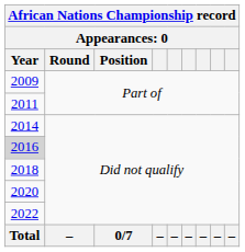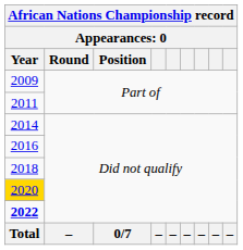 <table class="wikitable" style="text-align: center;">
 <tr>
 <th colspan=9><a href='#'>African Nations Championship</a> record</th>
 </tr>
 <tr>
 <th colspan=9>Appearances: 0</th>
 </tr>
 <tr>
 <th>Year</th>
 <th>Round</th>
 <th>Position</th>
 <th></th>
 <th></th>
 <th></th>
 <th></th>
 <th></th>
 <th></th>
 </tr>
 <tr>
 <td> <a href='#'>2009</a></td>
 <td colspan=8 rowspan=2><em>Part of </em></td>
 </tr>
 <tr>
 <td> <a href='#'>2011</a></td>
 </tr>
 <tr>
 <td> <a href='#'>2014</a></td>
 <td colspan=8 rowspan=5><em>Did not qualify</em></td>
 </tr>
 <tr>
-<td style="background: lightgrey;"> <a href='#'>2016</a></td>
+<td> <a href='#'>2016</a></td>
 </tr>
 <tr>
 <td> <a href='#'>2018</a></td>
 </tr>
 <tr>
-<td> <a href='#'>2020</a></td>
+<td style="background: gold;"> <a href='#'>2020</a></td>
 </tr>
 <tr>
-<td> <a href='#'>2022</a></td>
+<td><strong> <a href='#'>2022</a></strong></td>
 </tr>
 <tr>
 <th>Total</th>
 <th>–</th>
 <th>0/7</th>
 <th>–</th>
 <th>–</th>
 <th>–</th>
 <th>–</th>
 <th>–</th>
 <th>–</th>
 </tr>
 </table>
